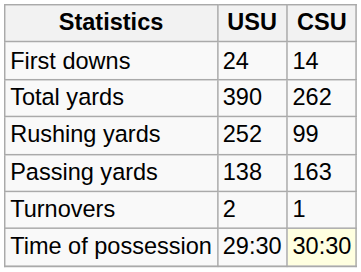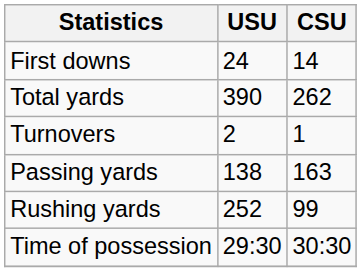 <table class="wikitable">
 <tr>
 <th>Statistics</th>
 <th>USU</th>
 <th>CSU</th>
 </tr>
 <tr>
 <td>First downs</td>
 <td>24</td>
 <td>14</td>
 </tr>
 <tr>
 <td>Total yards</td>
 <td>390</td>
 <td>262</td>
 </tr>
 <tr>
-<td>Rushing yards</td>
-<td>252</td>
-<td>99</td>
+<td>Turnovers</td>
+<td>2</td>
+<td>1</td>
 </tr>
 <tr>
 <td>Passing yards</td>
 <td>138</td>
 <td>163</td>
 </tr>
 <tr>
-<td>Turnovers</td>
-<td>2</td>
-<td>1</td>
+<td>Rushing yards</td>
+<td>252</td>
+<td>99</td>
 </tr>
 <tr>
 <td>Time of possession</td>
 <td>29:30</td>
-<td style="background: lightyellow;">30:30</td>
+<td>30:30</td>
 </tr>
 <tr>
 </tr>
 </table>
